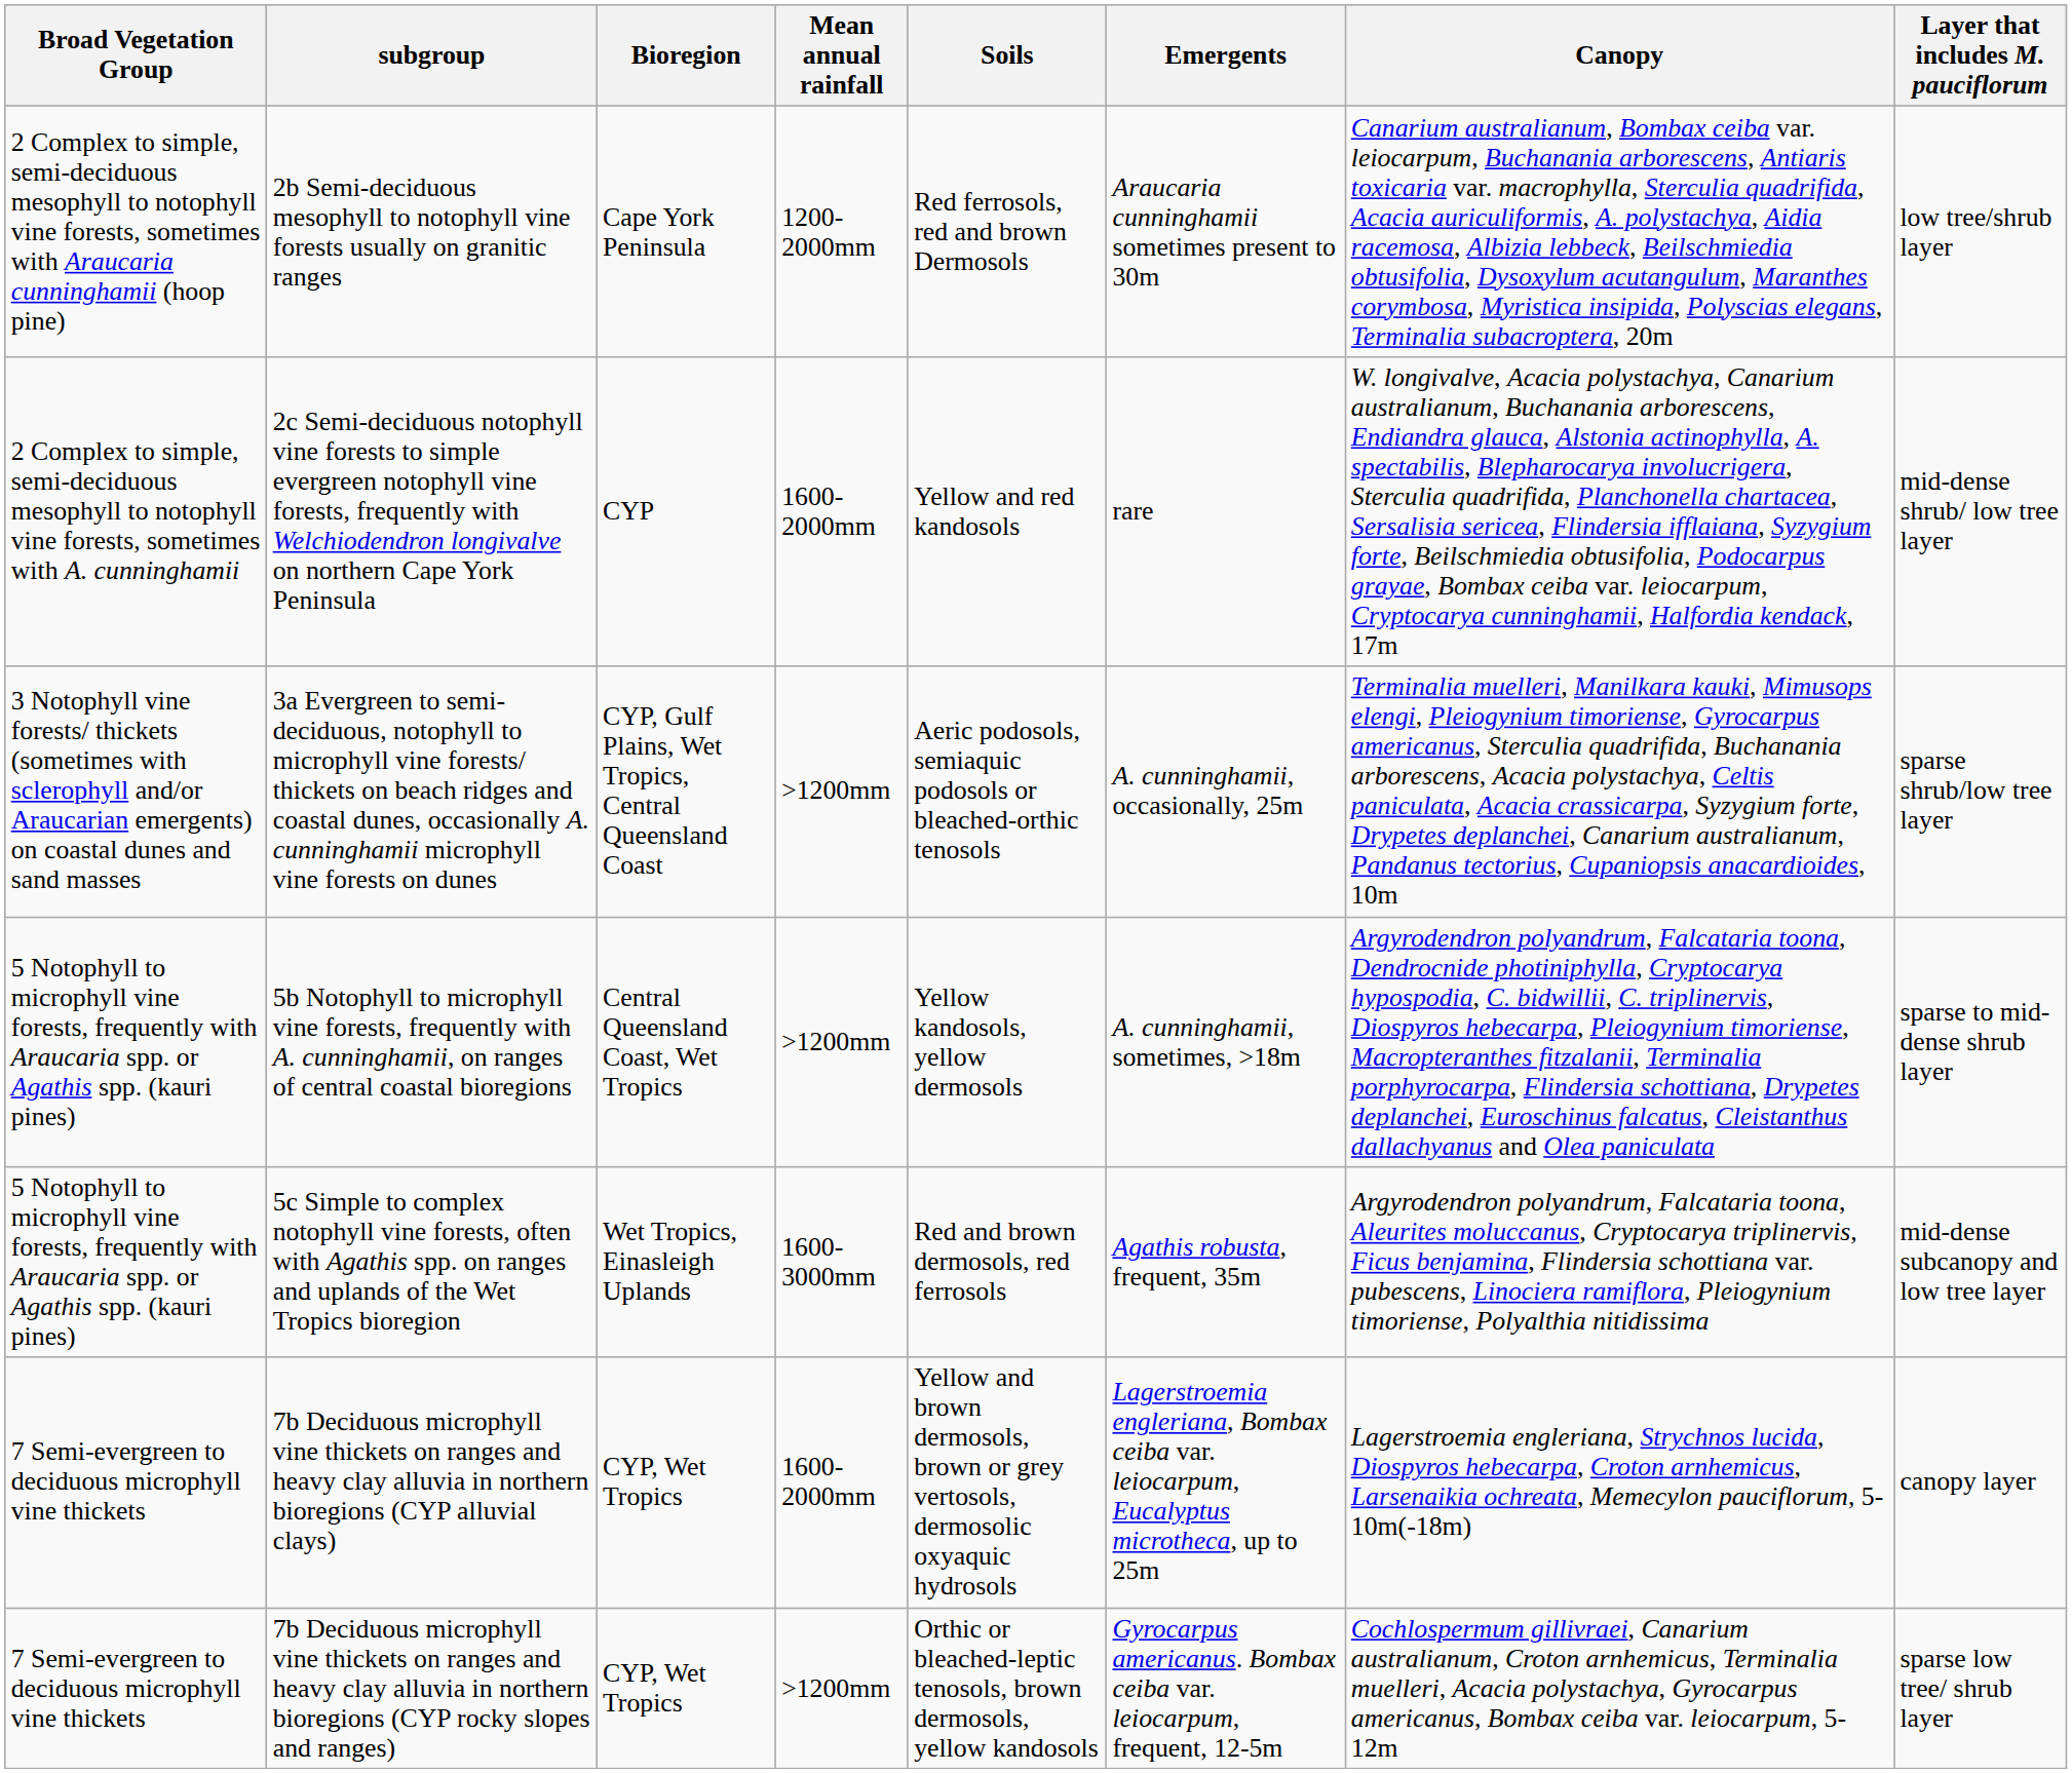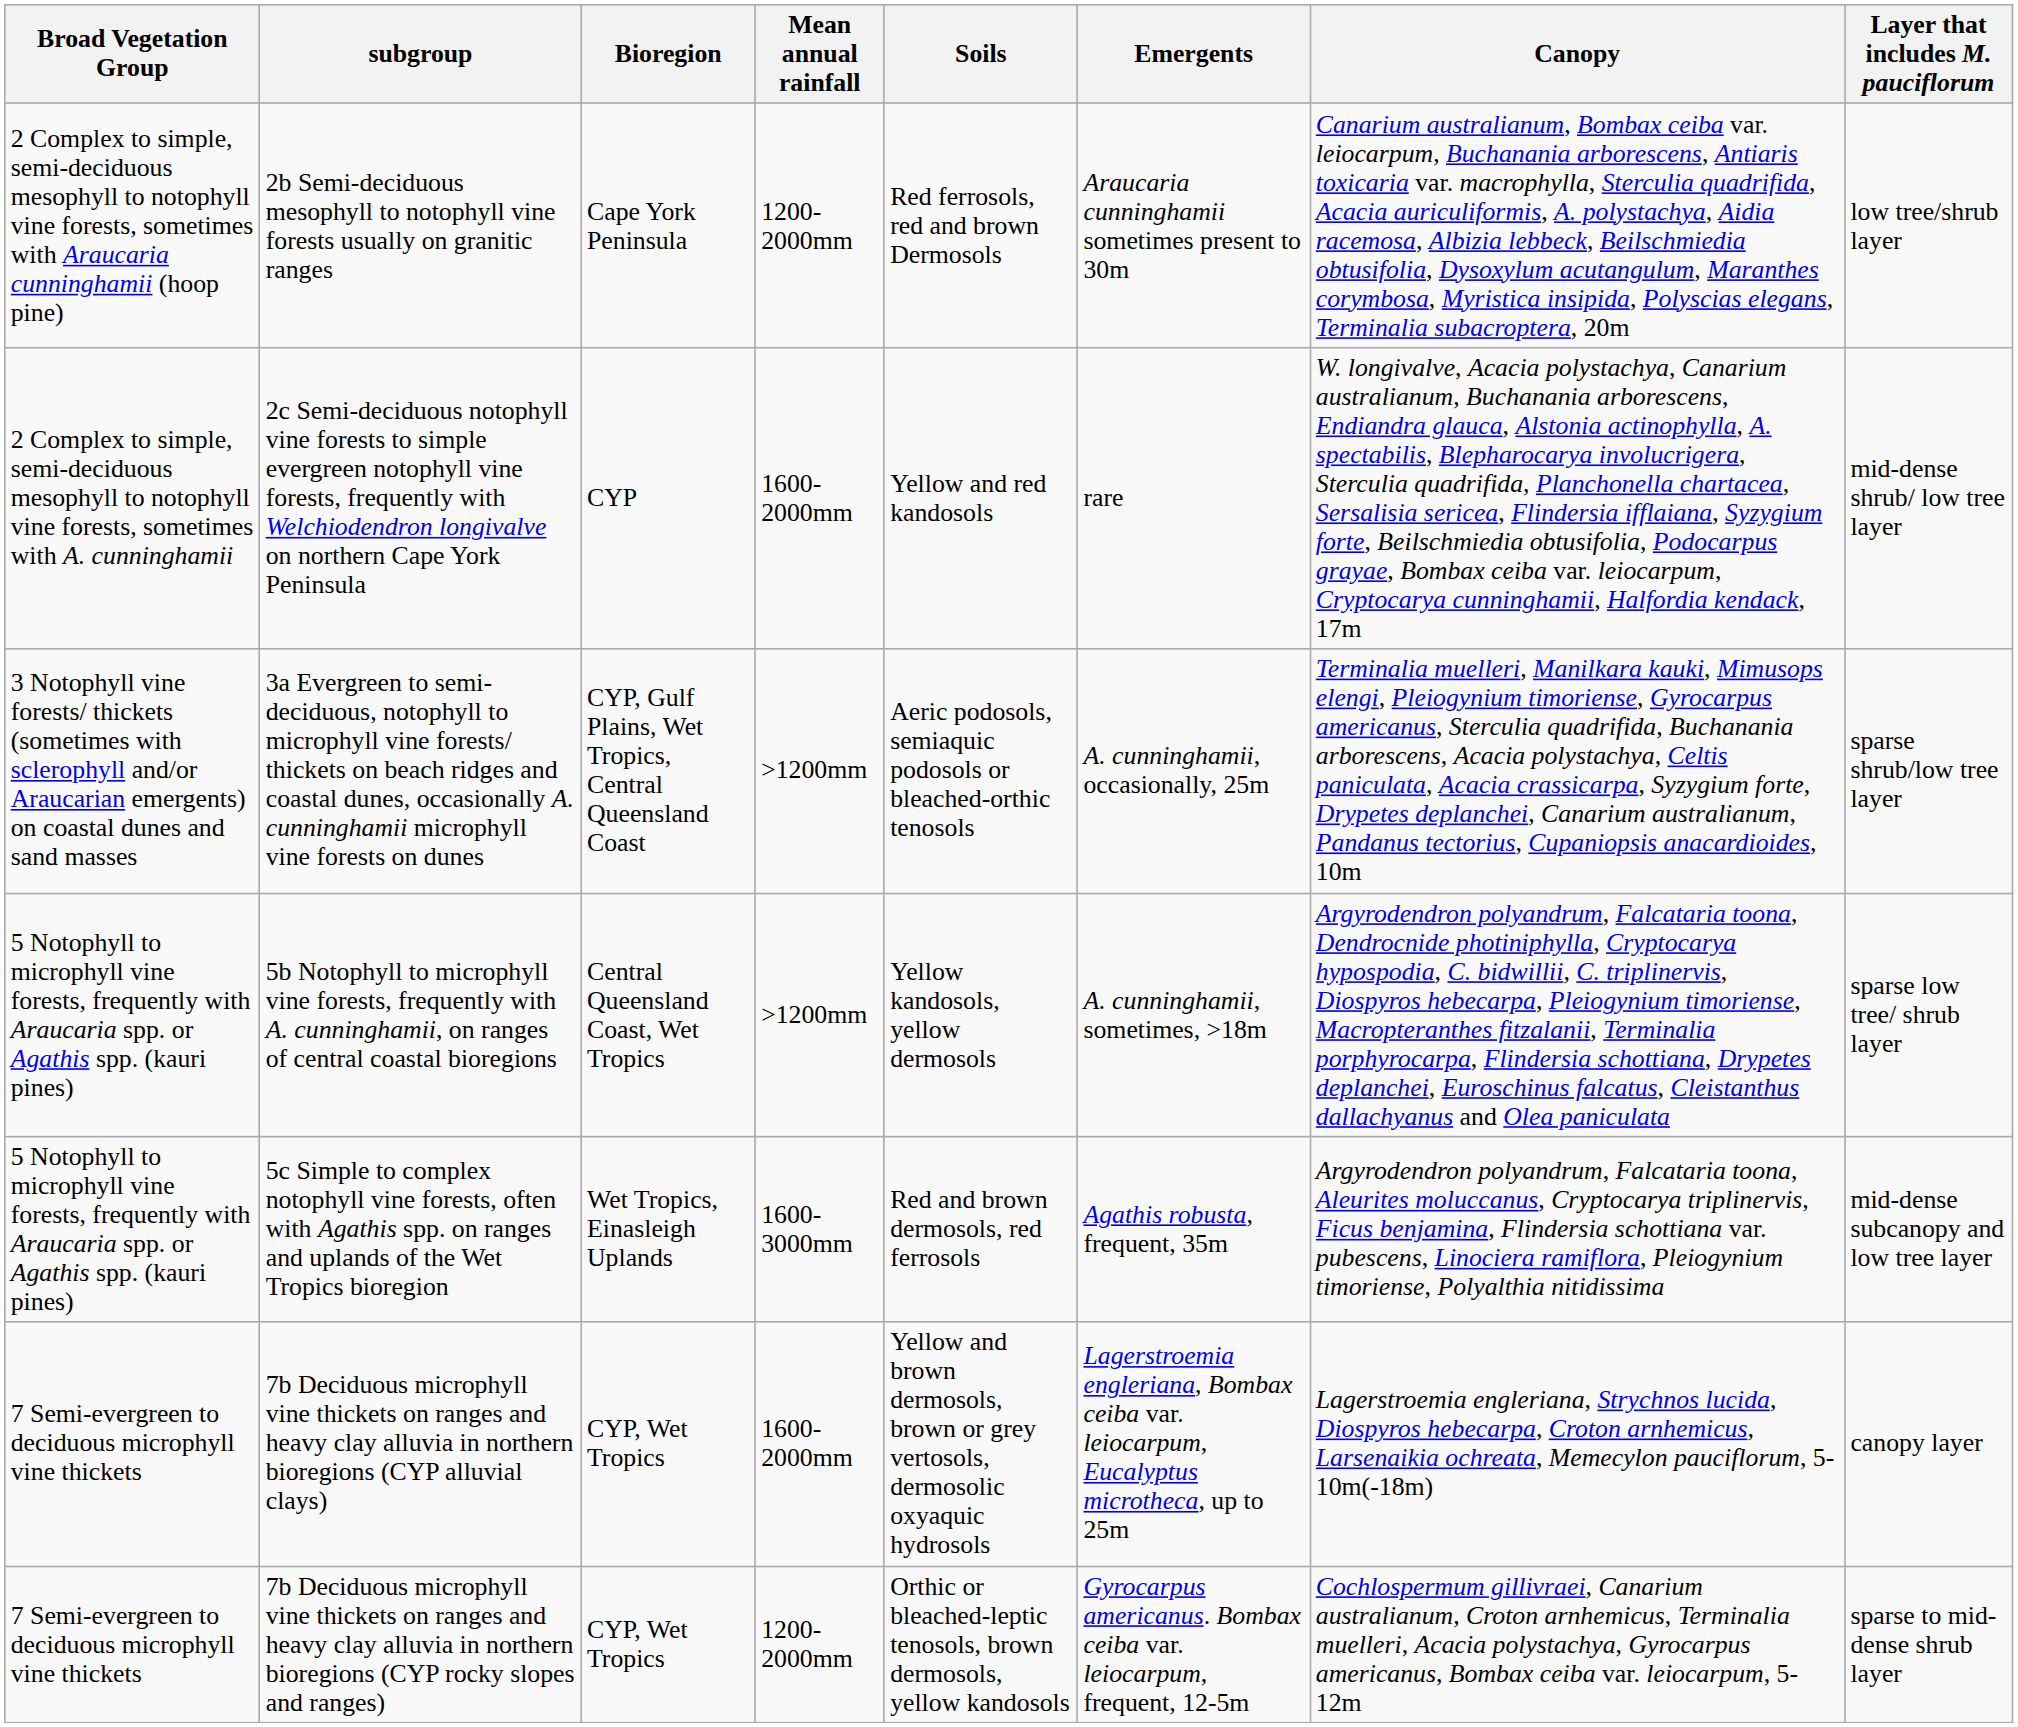 <table class="wikitable">
 <tr>
 <th>Broad Vegetation Group</th>
 <th>subgroup</th>
 <th>Bioregion</th>
 <th>Mean annual rainfall</th>
 <th>Soils</th>
 <th>Emergents</th>
 <th>Canopy</th>
 <th>Layer that includes <em>M. pauciflorum</em></th>
 </tr>
 <tr>
 <td>2 Complex to simple, semi-deciduous mesophyll to notophyll vine forests, sometimes with <em><a href='#'>Araucaria cunninghamii</a></em> (hoop pine)</td>
 <td>2b Semi-deciduous mesophyll to notophyll vine forests usually on granitic ranges</td>
 <td>Cape York Peninsula</td>
 <td>1200-2000mm</td>
 <td>Red ferrosols, red and brown Dermosols</td>
 <td><em>Araucaria cunninghamii</em> sometimes present to 30m</td>
 <td><em><a href='#'>Canarium australianum</a></em>, <em><a href='#'>Bombax ceiba</a></em> var. <em>leiocarpum</em>, <em><a href='#'>Buchanania arborescens</a></em>, <em><a href='#'>Antiaris toxicaria</a></em> var. <em>macrophylla</em>, <em><a href='#'>Sterculia quadrifida</a></em>, <em><a href='#'>Acacia auriculiformis</a></em>, <em><a href='#'>A. polystachya</a></em>, <em><a href='#'>Aidia racemosa</a></em>, <em><a href='#'>Albizia lebbeck</a></em>, <em><a href='#'>Beilschmiedia obtusifolia</a></em>, <em><a href='#'>Dysoxylum acutangulum</a></em>, <em><a href='#'>Maranthes corymbosa</a></em>, <em><a href='#'>Myristica insipida</a></em>, <em><a href='#'>Polyscias elegans</a></em>, <em><a href='#'>Terminalia subacroptera</a></em>, 20m</td>
 <td>low tree/shrub layer</td>
 </tr>
 <tr>
 <td>2 Complex to simple, semi-deciduous mesophyll to notophyll vine forests, sometimes with <em>A. cunninghamii</em></td>
 <td>2c Semi-deciduous notophyll vine forests to simple evergreen notophyll vine forests, frequently with <em><a href='#'>Welchiodendron longivalve</a></em> on northern Cape York Peninsula</td>
 <td>CYP</td>
 <td>1600-2000mm</td>
 <td>Yellow and red kandosols</td>
 <td>rare</td>
 <td><em>W. longivalve</em>, <em>Acacia polystachya</em>, <em>Canarium australianum</em>, <em>Buchanania arborescens</em>, <em><a href='#'>Endiandra glauca</a></em>, <em><a href='#'>Alstonia actinophylla</a></em>, <em><a href='#'>A. spectabilis</a></em>, <em><a href='#'>Blepharocarya involucrigera</a></em>, <em>Sterculia quadrifida</em>, <em><a href='#'>Planchonella chartacea</a></em>, <em><a href='#'>Sersalisia sericea</a></em>, <em><a href='#'>Flindersia ifflaiana</a></em>, <em><a href='#'>Syzygium forte</a></em>, <em>Beilschmiedia obtusifolia</em>, <em><a href='#'>Podocarpus grayae</a></em>, <em>Bombax ceiba</em> var. <em>leiocarpum</em>, <em><a href='#'>Cryptocarya cunninghamii</a></em>, <em><a href='#'>Halfordia kendack</a></em>, 17m</td>
 <td>mid-dense shrub/ low tree layer</td>
 </tr>
 <tr>
 <td>3 Notophyll vine forests/ thickets (sometimes with <a href='#'>sclerophyll</a> and/or <a href='#'>Araucarian</a> emergents) on coastal dunes and sand masses</td>
 <td>3a Evergreen to semi-deciduous, notophyll to microphyll vine forests/ thickets on beach ridges and coastal dunes, occasionally <em>A. cunninghamii</em> microphyll vine forests on dunes</td>
 <td>CYP, Gulf Plains, Wet Tropics, Central Queensland Coast</td>
 <td>>1200mm</td>
 <td>Aeric podosols, semiaquic podosols or bleached-orthic tenosols</td>
 <td><em>A. cunninghamii</em>, occasionally, 25m</td>
 <td><em><a href='#'>Terminalia muelleri</a></em>, <em><a href='#'>Manilkara kauki</a></em>, <em><a href='#'>Mimusops elengi</a></em>, <em><a href='#'>Pleiogynium timoriense</a></em>, <em><a href='#'>Gyrocarpus americanus</a></em>, <em>Sterculia quadrifida</em>, <em>Buchanania arborescens</em>, <em>Acacia polystachya</em>, <em><a href='#'>Celtis paniculata</a></em>, <em><a href='#'>Acacia crassicarpa</a></em>, <em>Syzygium forte</em>, <em><a href='#'>Drypetes deplanchei</a></em>, <em>Canarium australianum</em>, <em><a href='#'>Pandanus tectorius</a></em>, <em><a href='#'>Cupaniopsis anacardioides</a></em>, 10m</td>
 <td>sparse shrub/low tree layer</td>
 </tr>
 <tr>
 <td>5 Notophyll to microphyll vine forests, frequently with <em>Araucaria</em> spp. or <em><a href='#'>Agathis</a></em> spp. (kauri pines)</td>
 <td>5b Notophyll to microphyll vine forests, frequently with <em>A. cunninghamii</em>, on ranges of central coastal bioregions</td>
 <td>Central Queensland Coast, Wet Tropics</td>
 <td>>1200mm</td>
 <td>Yellow kandosols, yellow dermosols</td>
 <td><em>A. cunninghamii</em>, sometimes, >18m</td>
 <td><em><a href='#'>Argyrodendron polyandrum</a></em>, <em><a href='#'>Falcataria toona</a></em>, <em><a href='#'>Dendrocnide photiniphylla</a></em>, <em><a href='#'>Cryptocarya hypospodia</a></em>, <em><a href='#'>C. bidwillii</a></em>, <em><a href='#'>C. triplinervis</a></em>, <em><a href='#'>Diospyros hebecarpa</a></em>, <em><a href='#'>Pleiogynium timoriense</a></em>, <em><a href='#'>Macropteranthes fitzalanii</a></em>, <em><a href='#'>Terminalia porphyrocarpa</a></em>, <em><a href='#'>Flindersia schottiana</a></em>, <em><a href='#'>Drypetes deplanchei</a></em>, <em><a href='#'>Euroschinus falcatus</a></em>, <em><a href='#'>Cleistanthus dallachyanus</a></em> and <em><a href='#'>Olea paniculata</a></em></td>
-<td>sparse to mid-dense shrub layer</td>
+<td>sparse low tree/ shrub layer</td>
 </tr>
 <tr>
 <td>5 Notophyll to microphyll vine forests, frequently with <em>Araucaria</em> spp. or <em>Agathis</em> spp. (kauri pines)</td>
 <td>5c Simple to complex notophyll vine forests, often with <em>Agathis</em> spp. on ranges and uplands of the Wet Tropics bioregion</td>
 <td>Wet Tropics, Einasleigh Uplands</td>
 <td>1600-3000mm</td>
 <td>Red and brown dermosols, red ferrosols</td>
 <td><em><a href='#'>Agathis robusta</a></em>, frequent, 35m</td>
 <td><em>Argyrodendron polyandrum</em>, <em>Falcataria toona</em>, <em><a href='#'>Aleurites moluccanus</a></em>, <em>Cryptocarya triplinervis</em>, <em><a href='#'>Ficus benjamina</a></em>, <em>Flindersia schottiana</em> var. <em>pubescens</em>, <em><a href='#'>Linociera ramiflora</a></em>, <em>Pleiogynium timoriense</em>, <em>Polyalthia nitidissima</em></td>
 <td>mid-dense subcanopy and low tree layer</td>
 </tr>
 <tr>
 <td>7 Semi-evergreen to deciduous microphyll vine thickets</td>
 <td>7b Deciduous microphyll vine thickets on ranges and heavy clay alluvia in northern bioregions (CYP alluvial clays)</td>
 <td>CYP, Wet Tropics</td>
 <td>1600-2000mm</td>
 <td>Yellow and brown dermosols, brown or grey vertosols, dermosolic oxyaquic hydrosols</td>
 <td><em><a href='#'>Lagerstroemia engleriana</a></em>, <em>Bombax ceiba</em> var. <em>leiocarpum</em>, <em><a href='#'>Eucalyptus microtheca</a></em>, up to 25m</td>
 <td><em>Lagerstroemia engleriana</em>, <em><a href='#'>Strychnos lucida</a></em>, <em><a href='#'>Diospyros hebecarpa</a></em>, <em><a href='#'>Croton arnhemicus</a></em>, <em><a href='#'>Larsenaikia ochreata</a></em>, <em>Memecylon pauciflorum</em>, 5-10m(-18m)</td>
 <td>canopy layer</td>
 </tr>
 <tr>
 <td>7 Semi-evergreen to deciduous microphyll vine thickets</td>
 <td>7b Deciduous microphyll vine thickets on ranges and heavy clay alluvia in northern bioregions (CYP rocky slopes and ranges)</td>
 <td>CYP, Wet Tropics</td>
-<td>>1200mm</td>
+<td>1200-2000mm</td>
 <td>Orthic or bleached-leptic tenosols, brown dermosols, yellow kandosols</td>
 <td><em><a href='#'>Gyrocarpus americanus</a></em>. <em>Bombax ceiba</em> var. <em>leiocarpum</em>, frequent, 12-5m</td>
 <td><em><a href='#'>Cochlospermum gillivraei</a></em>, <em>Canarium australianum</em>, <em>Croton arnhemicus</em>, <em>Terminalia muelleri</em>, <em>Acacia polystachya</em>, <em>Gyrocarpus americanus</em>, <em>Bombax ceiba</em> var. <em>leiocarpum</em>, 5-12m</td>
-<td>sparse low tree/ shrub layer</td>
+<td>sparse to mid-dense shrub layer</td>
 </tr>
 </table>
